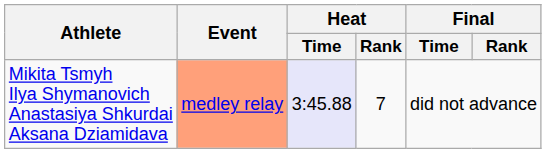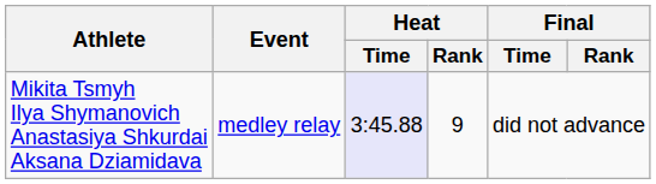 <table class="wikitable" style="text-align:center; font-size:90%">
 <tr>
 <th rowspan=2>Athlete</th>
 <th rowspan=2>Event</th>
 <th colspan=2>Heat</th>
 <th colspan=2>Final</th>
 </tr>
 <tr style="font-size:95%">
 <th>Time</th>
 <th>Rank</th>
 <th>Time</th>
 <th>Rank</th>
 </tr>
 <tr>
 <td align=left><a href='#'>Mikita Tsmyh</a><br><a href='#'>Ilya Shymanovich</a><br><a href='#'>Anastasiya Shkurdai</a><br><a href='#'>Aksana Dziamidava</a></td>
-<td align=left style="background: lightsalmon;"><a href='#'> medley relay</a></td>
+<td align=left><a href='#'> medley relay</a></td>
 <td style="background: lavender;">3:45.88</td>
-<td>7</td>
+<td>9</td>
 <td colspan=2>did not advance</td>
 </tr>
 </table>
